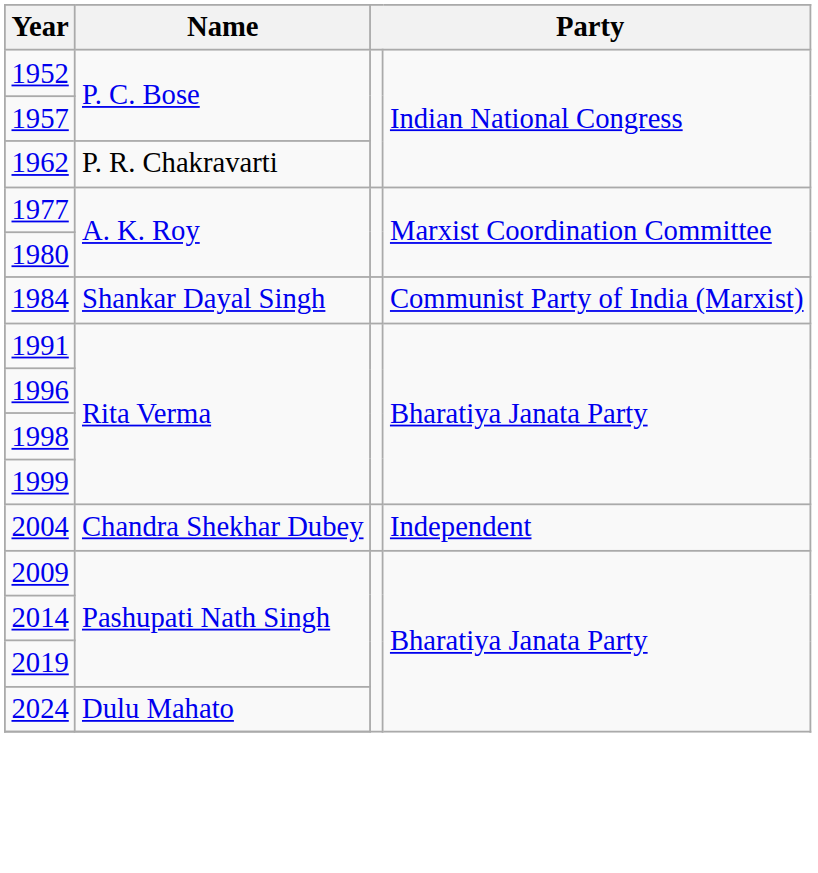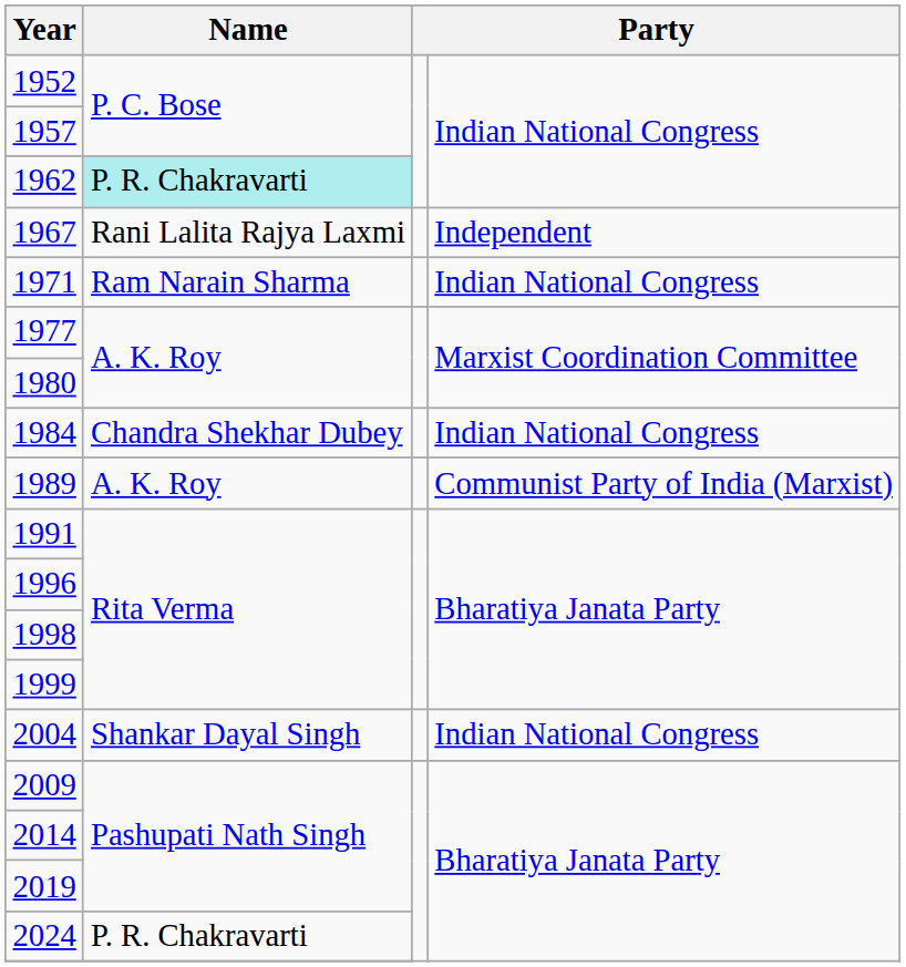 <table class="wikitable">
 <tr>
 <th>Year</th>
 <th>Name</th>
 <th colspan="2">Party</th>
 </tr>
 <tr>
 <td><a href='#'>1952</a></td>
 <td rowspan="2"><a href='#'>P. C. Bose</a></td>
 <td rowspan="3" style="background-color: "></td>
 <td rowspan="3"><a href='#'>Indian National Congress</a></td>
 </tr>
 <tr>
 <td><a href='#'>1957</a></td>
 </tr>
 <tr>
 <td><a href='#'>1962</a></td>
-<td>P. R. Chakravarti</td>
+<td style="background: paleturquoise;">P. R. Chakravarti</td>
+</tr>
+<tr>
+<td><a href='#'>1967</a></td>
+<td>Rani Lalita Rajya Laxmi</td>
+<td style="background-color: "></td>
+<td><a href='#'>Independent</a></td>
+</tr>
+<tr>
+<td><a href='#'>1971</a></td>
+<td><a href='#'>Ram Narain Sharma</a></td>
+<td style="background-color: "></td>
+<td><a href='#'>Indian National Congress</a></td>
 </tr>
 <tr>
 <td><a href='#'>1977</a></td>
 <td rowspan="2"><a href='#'>A. K. Roy</a></td>
 <td rowspan="2" style="background-color: "></td>
 <td rowspan="2"><a href='#'>Marxist Coordination Committee</a></td>
 </tr>
 <tr>
 <td><a href='#'>1980</a></td>
 </tr>
 <tr>
 <td><a href='#'>1984</a></td>
-<td><a href='#'>Shankar Dayal Singh</a></td>
+<td><a href='#'>Chandra Shekhar Dubey</a></td>
+<td style="background-color: "></td>
+<td><a href='#'>Indian National Congress</a></td>
+</tr>
+<tr>
+<td><a href='#'>1989</a></td>
+<td><a href='#'>A. K. Roy</a></td>
 <td style="background-color: "></td>
 <td><a href='#'>Communist Party of India (Marxist)</a></td>
 </tr>
 <tr>
 <td><a href='#'>1991</a></td>
 <td rowspan="4"><a href='#'>Rita Verma</a></td>
 <td rowspan="4" style="background-color: "></td>
 <td rowspan="4"><a href='#'>Bharatiya Janata Party</a></td>
 </tr>
 <tr>
 <td><a href='#'>1996</a></td>
 </tr>
 <tr>
 <td><a href='#'>1998</a></td>
 </tr>
 <tr>
 <td><a href='#'>1999</a></td>
 </tr>
 <tr>
 <td><a href='#'>2004</a></td>
-<td><a href='#'>Chandra Shekhar Dubey</a></td>
+<td><a href='#'>Shankar Dayal Singh</a></td>
 <td style="background-color: "></td>
-<td><a href='#'>Independent</a></td>
+<td><a href='#'>Indian National Congress</a></td>
 </tr>
 <tr>
 <td><a href='#'>2009</a></td>
 <td rowspan="3"><a href='#'>Pashupati Nath Singh</a></td>
 <td rowspan="5" style="background-color: "></td>
 <td rowspan="5"><a href='#'>Bharatiya Janata Party</a></td>
 </tr>
 <tr>
 <td><a href='#'>2014</a></td>
 </tr>
 <tr>
 <td><a href='#'>2019</a></td>
 </tr>
 <tr>
 <td><a href='#'>2024</a></td>
-<td><a href='#'>Dulu Mahato</a></td>
+<td>P. R. Chakravarti</td>
 </tr>
 <tr>
 </tr>
 </table>
